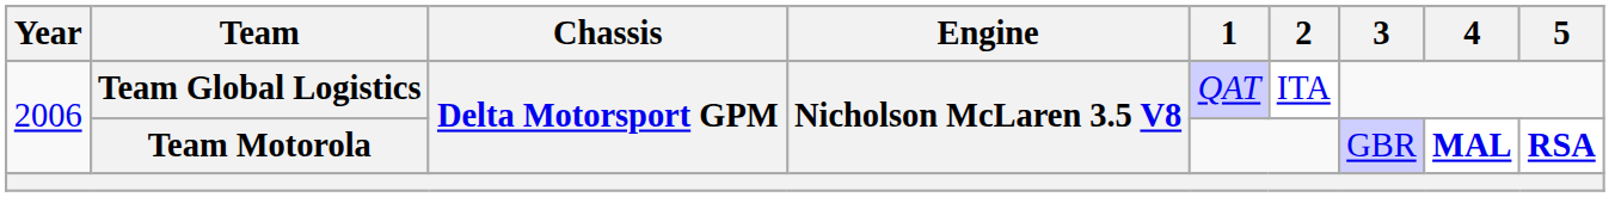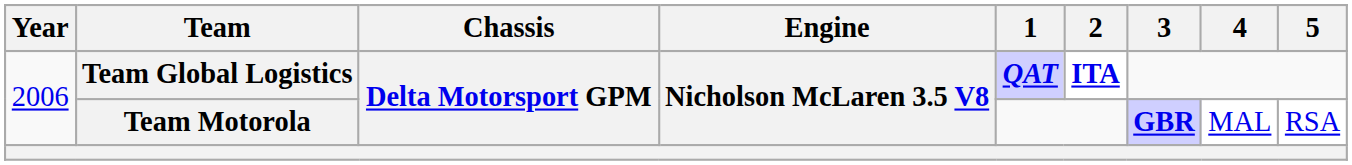 <table class="wikitable" style="text-align:center; font-size:85%">
 <tr>
 <th>Year</th>
 <th>Team</th>
 <th>Chassis</th>
 <th>Engine</th>
 <th>1</th>
 <th>2</th>
 <th>3</th>
 <th>4</th>
 <th>5</th>
 </tr>
 <tr>
 <td rowspan=2><a href='#'>2006</a></td>
 <th nowrap>Team Global Logistics</th>
 <th rowspan=2 nowrap><a href='#'>Delta Motorsport</a> GPM</th>
 <th rowspan=2 nowrap>Nicholson McLaren 3.5 <a href='#'>V8</a></th>
-<td style="background:#cfcfff;"><em><a href='#'>QAT</a></em><br></td>
-<td style="background:#ffffff;"><a href='#'>ITA</a><br></td>
+<td style="background:#cfcfff;"><strong><em><a href='#'>QAT</a></em><br></strong></td>
+<td style="background:#ffffff;"><strong><a href='#'>ITA</a><br></strong></td>
 <td colspan=3></td>
 </tr>
 <tr>
 <th nowrap>Team Motorola</th>
 <td colspan=2></td>
-<td style="background:#cfcfff;"><a href='#'>GBR</a><br></td>
-<td style="background:#ffffff;"><strong><a href='#'>MAL</a><br></strong></td>
-<td style="background:#ffffff;"><strong><a href='#'>RSA</a><br></strong></td>
+<td style="background:#cfcfff;"><strong><a href='#'>GBR</a><br></strong></td>
+<td style="background:#ffffff;"><a href='#'>MAL</a><br></td>
+<td style="background:#ffffff;"><a href='#'>RSA</a><br></td>
 </tr>
 <tr>
 <th colspan="9"></th>
 </tr>
 </table>
